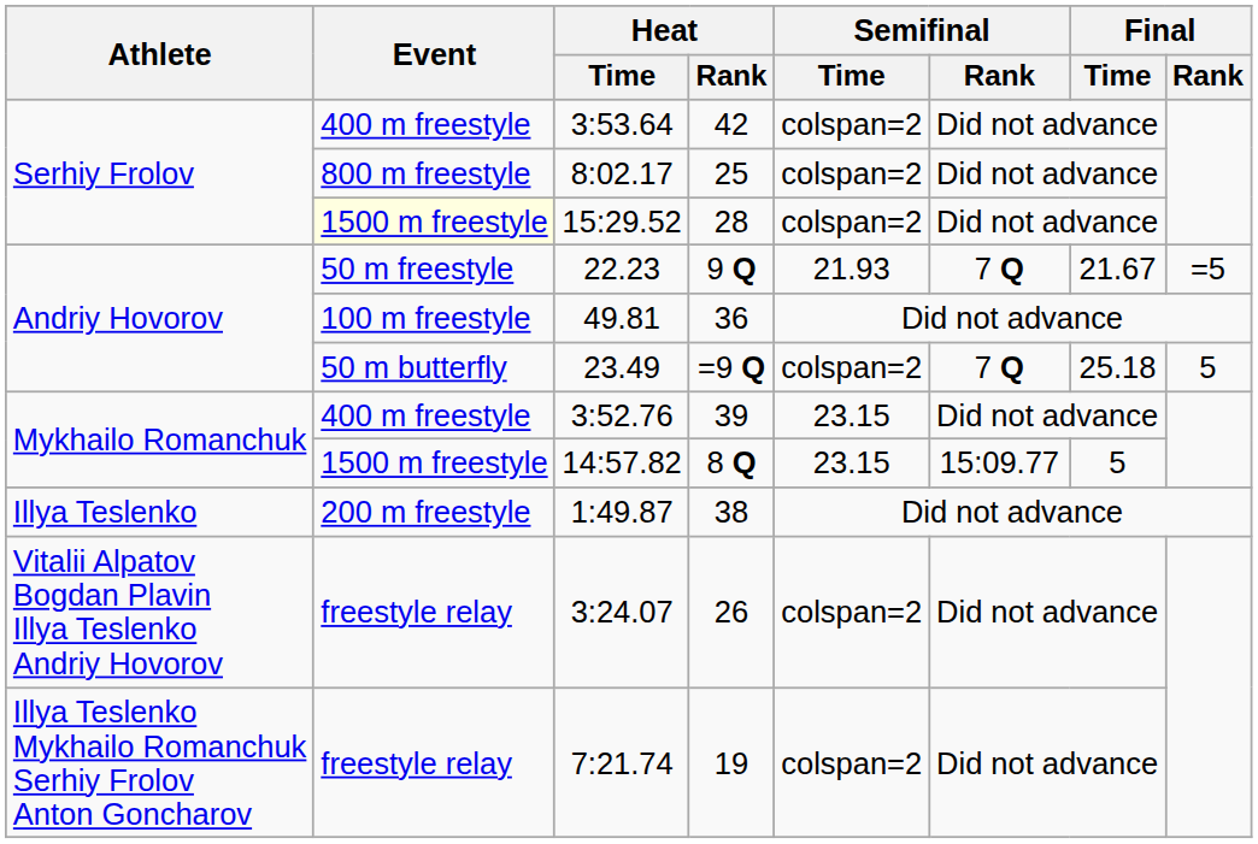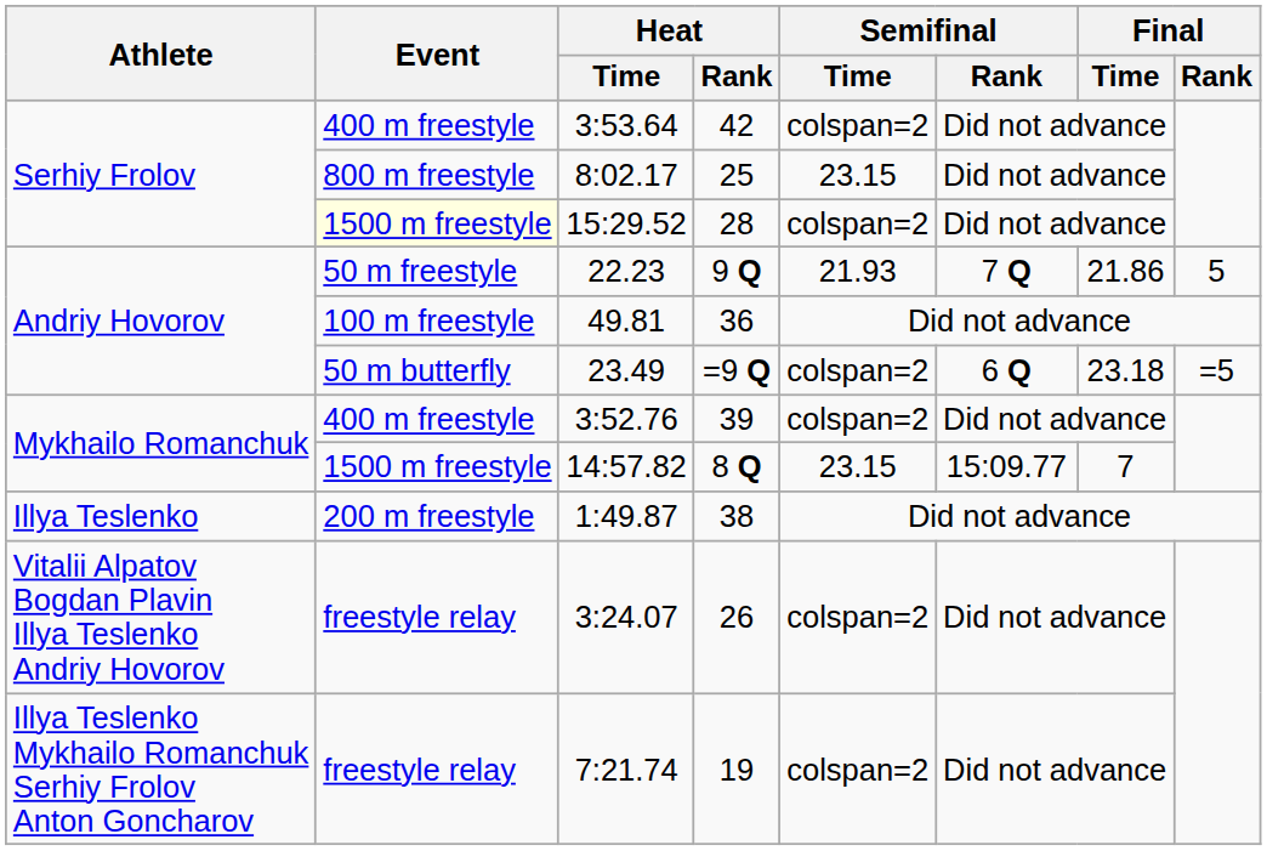 <table class=wikitable style="font-size:90%">
 <tr>
 <th rowspan="2">Athlete</th>
 <th rowspan="2">Event</th>
 <th colspan="2">Heat</th>
 <th colspan="2">Semifinal</th>
 <th colspan="2">Final</th>
 </tr>
 <tr style="font-size:95%">
 <th>Time</th>
 <th>Rank</th>
 <th>Time</th>
 <th>Rank</th>
 <th>Time</th>
 <th>Rank</th>
 </tr>
 <tr align=center>
 <td align=left rowspan=3><a href='#'>Serhiy Frolov</a></td>
 <td align=left><a href='#'>400 m freestyle</a></td>
 <td>3:53.64</td>
 <td>42</td>
 <td>colspan=2 </td>
 <td colspan=2>Did not advance</td>
 </tr>
 <tr align=center>
 <td align=left><a href='#'>800 m freestyle</a></td>
 <td>8:02.17</td>
 <td>25</td>
-<td>colspan=2 </td>
+<td>23.15</td>
 <td colspan=2>Did not advance</td>
 </tr>
 <tr align=center>
 <td align=left style="background: lightyellow;"><a href='#'>1500 m freestyle</a></td>
 <td>15:29.52</td>
 <td>28</td>
 <td>colspan=2 </td>
 <td colspan=2>Did not advance</td>
 </tr>
 <tr align=center>
 <td align=left rowspan=3><a href='#'>Andriy Hovorov</a></td>
 <td align=left><a href='#'>50 m freestyle</a></td>
 <td>22.23</td>
 <td>9 <strong>Q</strong></td>
 <td>21.93</td>
 <td>7 <strong>Q</strong></td>
-<td>21.67</td>
-<td>=5</td>
+<td>21.86</td>
+<td>5</td>
 </tr>
 <tr align=center>
 <td align=left><a href='#'>100 m freestyle</a></td>
 <td>49.81</td>
 <td>36</td>
 <td colspan=4>Did not advance</td>
 </tr>
 <tr align=center>
 <td align=left><a href='#'>50 m butterfly</a></td>
 <td>23.49</td>
 <td>=9 <strong>Q</strong></td>
 <td>colspan=2 </td>
-<td>7 <strong>Q</strong></td>
-<td>25.18</td>
-<td>5</td>
+<td>6 <strong>Q</strong></td>
+<td>23.18</td>
+<td>=5</td>
 </tr>
 <tr align=center>
 <td align=left rowspan=2><a href='#'>Mykhailo Romanchuk</a></td>
 <td align=left><a href='#'>400 m freestyle</a></td>
 <td>3:52.76</td>
 <td>39</td>
-<td>23.15</td>
+<td>colspan=2 </td>
 <td colspan=2>Did not advance</td>
 </tr>
 <tr align=center>
 <td align=left><a href='#'>1500 m freestyle</a></td>
 <td>14:57.82</td>
 <td>8 <strong>Q</strong></td>
 <td>23.15</td>
 <td>15:09.77</td>
-<td>5</td>
+<td>7</td>
 </tr>
 <tr align=center>
 <td align=left><a href='#'>Illya Teslenko</a></td>
 <td align=left><a href='#'>200 m freestyle</a></td>
 <td>1:49.87</td>
 <td>38</td>
 <td colspan=4>Did not advance</td>
 </tr>
 <tr align=center>
 <td align=left><a href='#'>Vitalii Alpatov</a><br><a href='#'>Bogdan Plavin</a><br><a href='#'>Illya Teslenko</a><br><a href='#'>Andriy Hovorov</a></td>
 <td align=left><a href='#'> freestyle relay</a></td>
 <td>3:24.07</td>
 <td>26</td>
 <td>colspan=2 </td>
 <td colspan=2>Did not advance</td>
 </tr>
 <tr align=center>
 <td align=left><a href='#'>Illya Teslenko</a><br><a href='#'>Mykhailo Romanchuk</a><br><a href='#'>Serhiy Frolov</a><br><a href='#'>Anton Goncharov</a></td>
 <td align=left><a href='#'> freestyle relay</a></td>
 <td>7:21.74</td>
 <td>19</td>
 <td>colspan=2 </td>
 <td colspan=2>Did not advance</td>
 </tr>
 </table>
